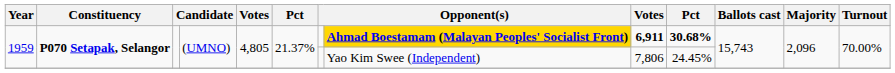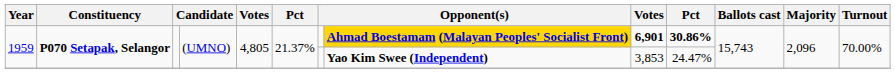 <table class="wikitable" style="margin:0.5em ; font-size:95%">
 <tr>
 <th>Year</th>
 <th>Constituency</th>
 <th colspan=2>Candidate</th>
 <th>Votes</th>
 <th>Pct</th>
 <th colspan=2>Opponent(s)</th>
 <th>Votes</th>
 <th>Pct</th>
 <th>Ballots cast</th>
 <th>Majority</th>
 <th>Turnout</th>
 </tr>
 <tr>
 <td rowspan=2><a href='#'>1959</a></td>
 <td rowspan=2><strong>P070 <a href='#'>Setapak</a>, Selangor</strong></td>
 <td rowspan=2 ></td>
 <td rowspan=2> (<a href='#'>UMNO</a>)</td>
 <td rowspan=2 align=right>4,805</td>
 <td rowspan=2>21.37%</td>
 <td></td>
 <td style="background: gold;"><strong><a href='#'>Ahmad Boestamam</a> (<a href='#'>Malayan Peoples' Socialist Front</a>)</strong></td>
-<td align=right><strong>6,911</strong></td>
-<td><strong>30.68%</strong></td>
+<td align=right><strong>6,901</strong></td>
+<td><strong>30.86%</strong></td>
 <td rowspan=2>15,743</td>
 <td rowspan=2>2,096</td>
 <td rowspan=2>70.00%</td>
 </tr>
 <tr>
 <td></td>
-<td>Yao Kim Swee (<a href='#'>Independent</a>)</td>
-<td align="right">7,806</td>
-<td align=right>24.45%</td>
+<td><strong>Yao Kim Swee (<a href='#'>Independent</a>)</strong></td>
+<td align="right">3,853</td>
+<td align=right>24.47%</td>
 </tr>
 <tr>
 </tr>
 </table>
